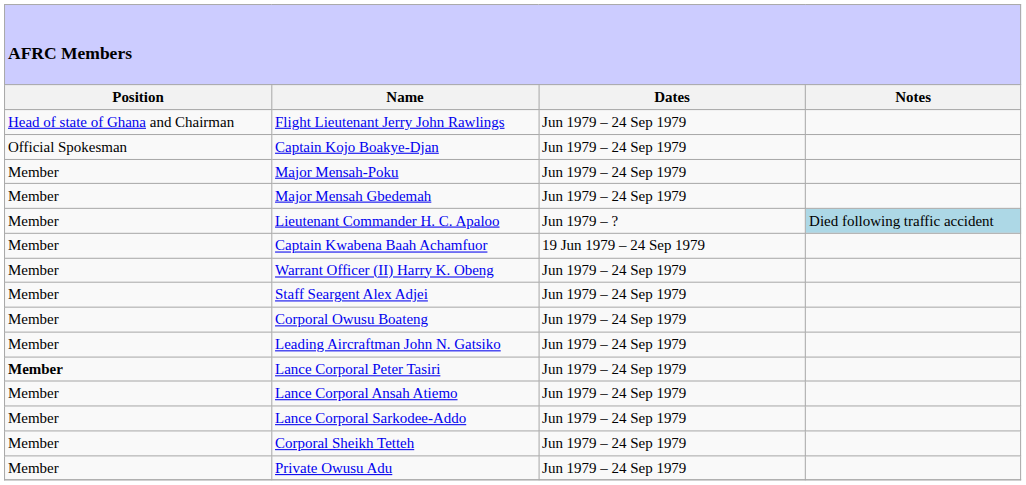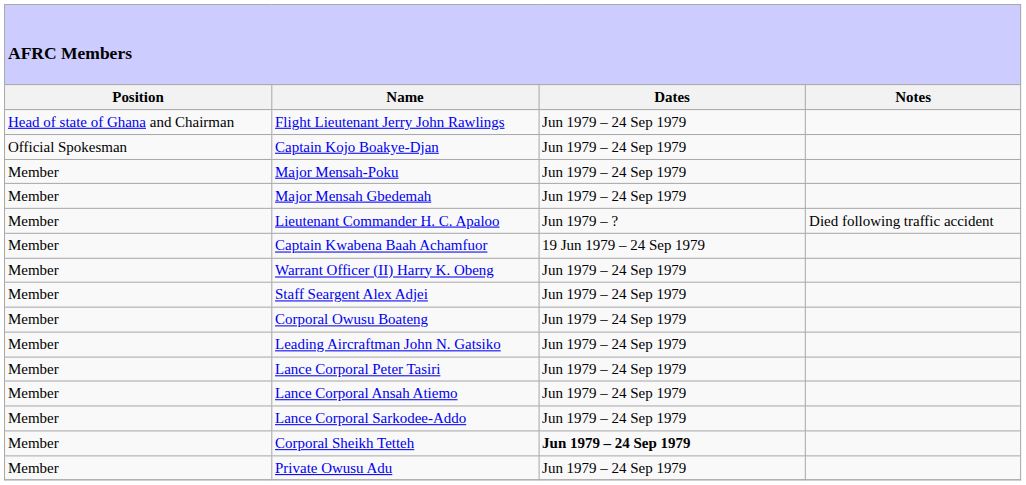 <table class="wikitable" style="font-size:90%; text-align:left;">
 <tr>
 <td colspan=6 bgcolor=ccccff><br><h3>AFRC Members</h3></td>
 </tr>
 <tr>
 <th width=250>Position</th>
 <th width=250>Name</th>
 <th width=250>Dates</th>
 <th width=200>Notes</th>
 </tr>
 <tr>
 <td><a href='#'>Head of state of Ghana</a> and Chairman</td>
 <td><a href='#'>Flight Lieutenant Jerry John Rawlings</a></td>
 <td>Jun 1979 – 24 Sep 1979</td>
 <td></td>
 </tr>
 <tr>
 <td>Official Spokesman</td>
 <td><a href='#'>Captain Kojo Boakye-Djan</a></td>
 <td>Jun 1979 – 24 Sep 1979</td>
 <td></td>
 </tr>
 <tr>
 <td>Member</td>
 <td><a href='#'>Major Mensah-Poku</a></td>
 <td>Jun 1979 – 24 Sep 1979</td>
 <td></td>
 </tr>
 <tr>
 <td>Member</td>
 <td><a href='#'>Major Mensah Gbedemah</a></td>
 <td>Jun 1979 – 24 Sep 1979</td>
 <td></td>
 </tr>
 <tr>
 <td>Member</td>
 <td><a href='#'>Lieutenant Commander H. C. Apaloo</a></td>
 <td>Jun 1979 – ?</td>
-<td style="background: lightblue;">Died following traffic accident</td>
+<td>Died following traffic accident</td>
 </tr>
 <tr>
 <td>Member</td>
 <td><a href='#'>Captain Kwabena Baah Achamfuor</a></td>
 <td>19 Jun 1979 – 24 Sep 1979</td>
 <td></td>
 </tr>
 <tr>
 <td>Member</td>
 <td><a href='#'>Warrant Officer (II) Harry K. Obeng</a></td>
 <td>Jun 1979 – 24 Sep 1979</td>
 <td></td>
 </tr>
 <tr>
 <td>Member</td>
 <td><a href='#'>Staff Seargent Alex Adjei</a></td>
 <td>Jun 1979 – 24 Sep 1979</td>
 <td></td>
 </tr>
 <tr>
 <td>Member</td>
 <td><a href='#'>Corporal Owusu Boateng</a></td>
 <td>Jun 1979 – 24 Sep 1979</td>
 <td></td>
 </tr>
 <tr>
 <td>Member</td>
 <td><a href='#'>Leading Aircraftman John N. Gatsiko</a></td>
 <td>Jun 1979 – 24 Sep 1979</td>
 <td></td>
 </tr>
 <tr>
-<td><strong>Member</strong></td>
+<td>Member</td>
 <td><a href='#'>Lance Corporal Peter Tasiri</a></td>
 <td>Jun 1979 – 24 Sep 1979</td>
 <td></td>
 </tr>
 <tr>
 <td>Member</td>
 <td><a href='#'>Lance Corporal Ansah Atiemo</a></td>
 <td>Jun 1979 – 24 Sep 1979</td>
 <td></td>
 </tr>
 <tr>
 <td>Member</td>
 <td><a href='#'>Lance Corporal Sarkodee-Addo</a></td>
 <td>Jun 1979 – 24 Sep 1979</td>
 <td></td>
 </tr>
 <tr>
 <td>Member</td>
 <td><a href='#'>Corporal Sheikh Tetteh</a></td>
-<td>Jun 1979 – 24 Sep 1979</td>
+<td><strong>Jun 1979 – 24 Sep 1979</strong></td>
 <td></td>
 </tr>
 <tr>
 <td>Member</td>
 <td><a href='#'>Private Owusu Adu</a></td>
 <td>Jun 1979 – 24 Sep 1979</td>
 <td></td>
 </tr>
 <tr>
 </tr>
 </table>
